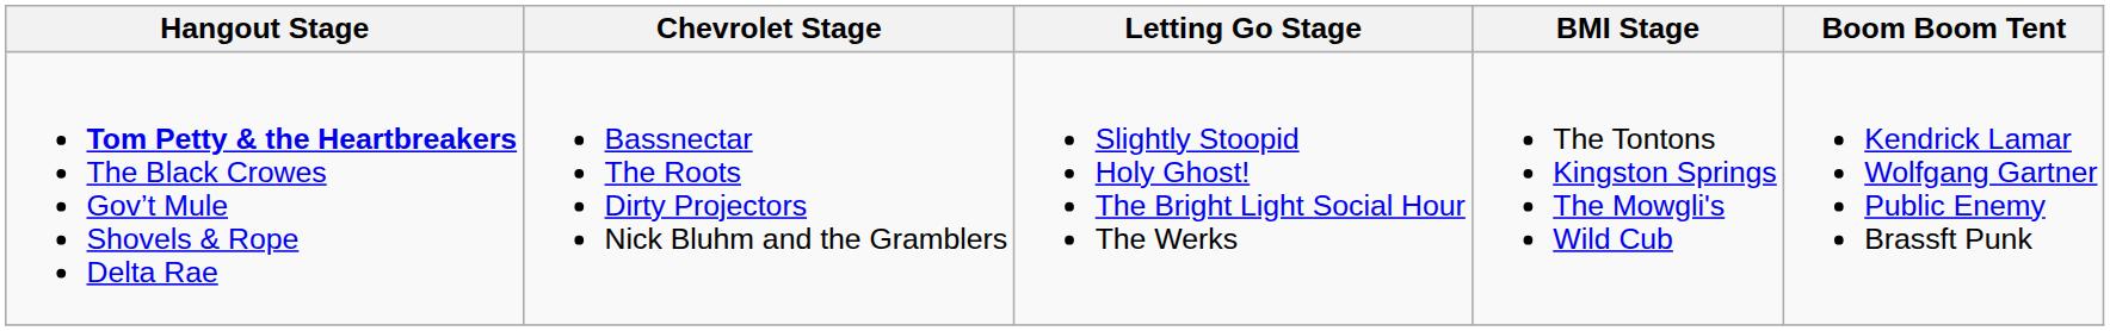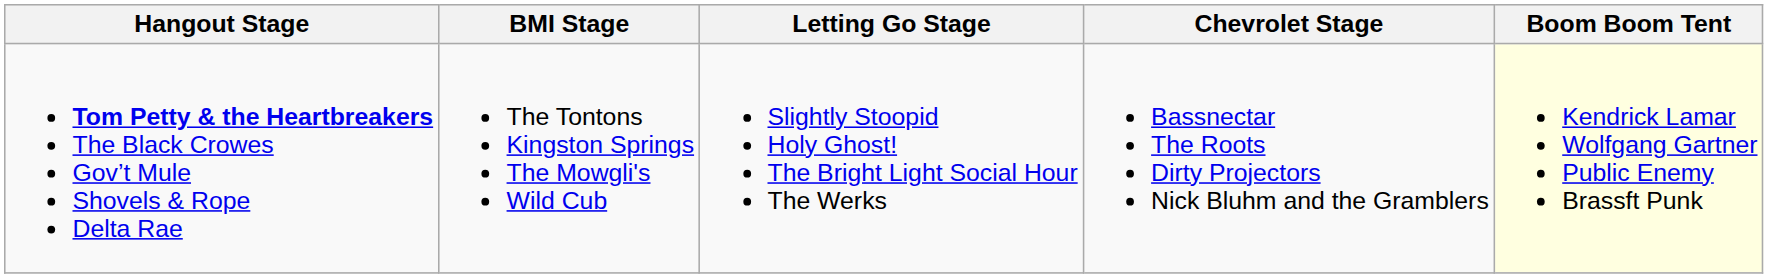 <table class="wikitable">
 <tr>
 <th>Hangout Stage</th>
+<th>BMI Stage</th>
+<th>Letting Go Stage</th>
 <th>Chevrolet Stage</th>
-<th>Letting Go Stage</th>
-<th>BMI Stage</th>
 <th>Boom Boom Tent</th>
 </tr>
 <tr valign="top">
 <td><br><ul><li><strong><a href='#'>Tom Petty & the Heartbreakers</a></strong></li><li><a href='#'>The Black Crowes</a></li><li><a href='#'>Gov’t Mule</a></li><li><a href='#'>Shovels & Rope</a></li><li><a href='#'>Delta Rae</a></li></ul></td>
+<td><br><ul><li>The Tontons</li><li><a href='#'>Kingston Springs</a></li><li><a href='#'>The Mowgli's</a></li><li><a href='#'>Wild Cub</a></li></ul></td>
+<td><br><ul><li><a href='#'>Slightly Stoopid</a></li><li><a href='#'>Holy Ghost!</a></li><li><a href='#'>The Bright Light Social Hour</a></li><li>The Werks</li></ul></td>
 <td><br><ul><li><a href='#'>Bassnectar</a></li><li><a href='#'>The Roots</a></li><li><a href='#'>Dirty Projectors</a></li><li>Nick Bluhm and the Gramblers</li></ul></td>
-<td><br><ul><li><a href='#'>Slightly Stoopid</a></li><li><a href='#'>Holy Ghost!</a></li><li><a href='#'>The Bright Light Social Hour</a></li><li>The Werks</li></ul></td>
-<td><br><ul><li>The Tontons</li><li><a href='#'>Kingston Springs</a></li><li><a href='#'>The Mowgli's</a></li><li><a href='#'>Wild Cub</a></li></ul></td>
-<td><br><ul><li><a href='#'>Kendrick Lamar</a></li><li><a href='#'>Wolfgang Gartner</a></li><li><a href='#'>Public Enemy</a></li><li>Brassft Punk</li></ul></td>
+<td style="background: lightyellow;"><br><ul><li><a href='#'>Kendrick Lamar</a></li><li><a href='#'>Wolfgang Gartner</a></li><li><a href='#'>Public Enemy</a></li><li>Brassft Punk</li></ul></td>
 </tr>
 </table>
